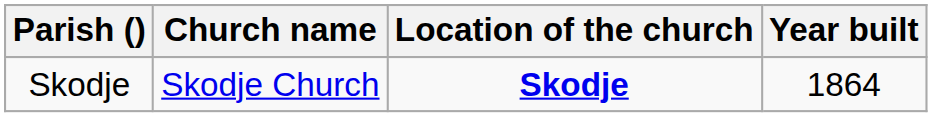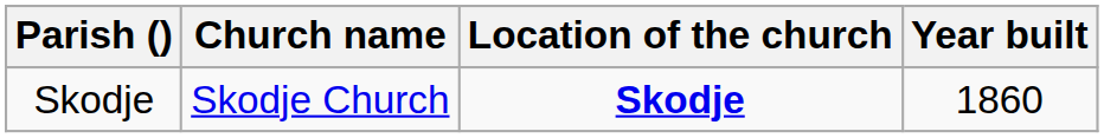 <table class="wikitable" style="text-align:center">
 <tr>
 <th>Parish ()</th>
 <th>Church name</th>
 <th>Location of the church</th>
 <th>Year built</th>
 </tr>
 <tr>
 <td>Skodje</td>
 <td><a href='#'>Skodje Church</a></td>
 <td><strong><a href='#'>Skodje</a></strong></td>
-<td>1864</td>
+<td>1860</td>
 </tr>
 </table>
